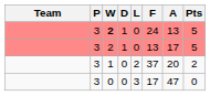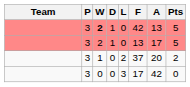 <table class="wikitable" style="text-align:center;">
 <tr>
 <th width="120px">Team</th>
 <th>P</th>
 <th>W</th>
 <th>D</th>
 <th>L</th>
 <th width="23px">F</th>
 <th width="23px">A</th>
 <th width="23px">Pts</th>
 </tr>
 <tr bgcolor="#FF8888">
 <td></td>
 <td>3</td>
 <td><strong>2</strong></td>
 <td>1</td>
 <td>0</td>
-<td>24</td>
+<td>42</td>
 <td>13</td>
 <td>5</td>
 </tr>
 <tr bgcolor="#FF8888">
 <td></td>
 <td>3</td>
 <td>2</td>
 <td>1</td>
 <td>0</td>
 <td>13</td>
 <td>17</td>
 <td>5</td>
 </tr>
 <tr>
 <td></td>
 <td>3</td>
 <td>1</td>
 <td>0</td>
 <td>2</td>
 <td>37</td>
 <td>20</td>
 <td>2</td>
 </tr>
 <tr>
 <td></td>
 <td>3</td>
 <td>0</td>
 <td>0</td>
 <td>3</td>
 <td>17</td>
-<td>47</td>
+<td>42</td>
 <td>0</td>
 </tr>
 </table>
